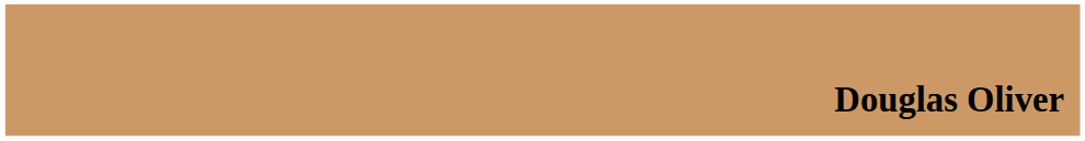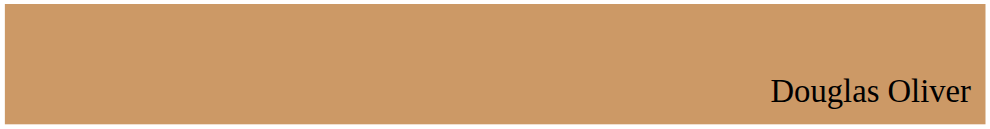 <table class="toccolours" style="float: right; margin-left: 2em; margin-right: 1em; font-size: 90%; background:#CC9966; width:30em; max-width: 40%;" cellspacing="5">
 <tr>
 <td style="text-align: left;"><br></td>
 </tr>
 <tr>
-<td style="text-align: right;"><strong>Douglas Oliver </strong></td>
+<td style="text-align: right;">Douglas Oliver </td>
 </tr>
 </table>
